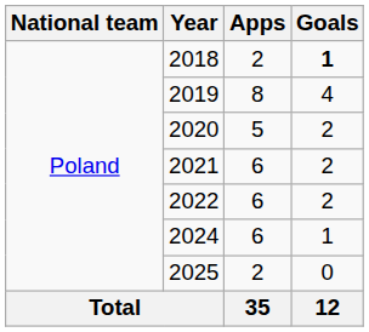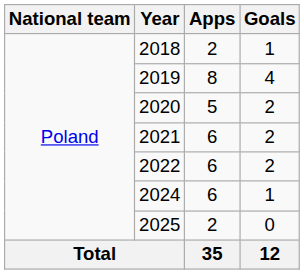 <table class=wikitable style=text-align:center>
 <tr>
 <th>National team</th>
 <th>Year</th>
 <th>Apps</th>
 <th>Goals</th>
 </tr>
 <tr>
 <td rowspan="7"><a href='#'>Poland</a></td>
 <td>2018</td>
 <td>2</td>
-<td><strong>1</strong></td>
+<td>1</td>
 </tr>
 <tr>
 <td>2019</td>
 <td>8</td>
 <td>4</td>
 </tr>
 <tr>
 <td>2020</td>
 <td>5</td>
 <td>2</td>
 </tr>
 <tr>
 <td>2021</td>
 <td>6</td>
 <td>2</td>
 </tr>
 <tr>
 <td>2022</td>
 <td>6</td>
 <td>2</td>
 </tr>
 <tr>
 <td>2024</td>
 <td>6</td>
 <td>1</td>
 </tr>
 <tr>
 <td>2025</td>
 <td>2</td>
 <td>0</td>
 </tr>
 <tr>
 <th colspan="2">Total</th>
 <th>35</th>
 <th>12</th>
 </tr>
 </table>
